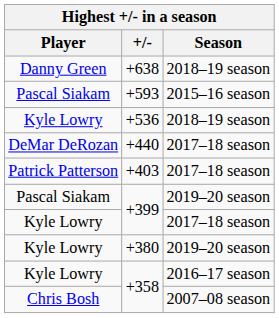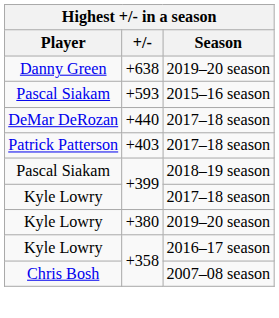 <table class="wikitable" style="text-align:center">
 <tr>
 <th colspan="3">Highest +/- in a season</th>
 </tr>
 <tr>
 <th>Player</th>
 <th>+/-</th>
 <th>Season</th>
 </tr>
 <tr>
 <td><a href='#'>Danny Green</a></td>
 <td>+638</td>
-<td>2018–19 season</td>
+<td>2019–20 season</td>
 </tr>
 <tr>
 <td><a href='#'>Pascal Siakam</a></td>
 <td>+593</td>
 <td>2015–16 season</td>
-</tr>
-<tr>
-<td><a href='#'>Kyle Lowry</a></td>
-<td>+536</td>
-<td>2018–19 season</td>
 </tr>
 <tr>
 <td><a href='#'>DeMar DeRozan</a></td>
 <td>+440</td>
 <td>2017–18 season</td>
 </tr>
 <tr>
 <td><a href='#'>Patrick Patterson</a></td>
 <td>+403</td>
 <td>2017–18 season</td>
 </tr>
 <tr>
 <td>Pascal Siakam</td>
 <td rowspan=2>+399</td>
-<td>2019–20 season</td>
+<td>2018–19 season</td>
 </tr>
 <tr>
 <td>Kyle Lowry</td>
 <td>2017–18 season</td>
 </tr>
 <tr>
 <td>Kyle Lowry</td>
 <td>+380</td>
 <td>2019–20 season</td>
 </tr>
 <tr>
 <td>Kyle Lowry</td>
 <td rowspan=2>+358</td>
 <td>2016–17 season</td>
 </tr>
 <tr>
 <td><a href='#'>Chris Bosh</a></td>
 <td>2007–08 season</td>
 </tr>
 </table>
